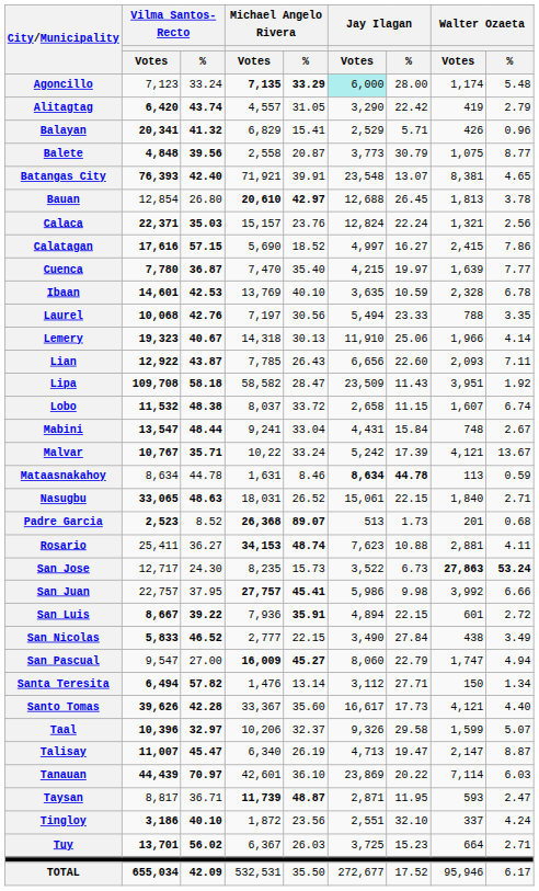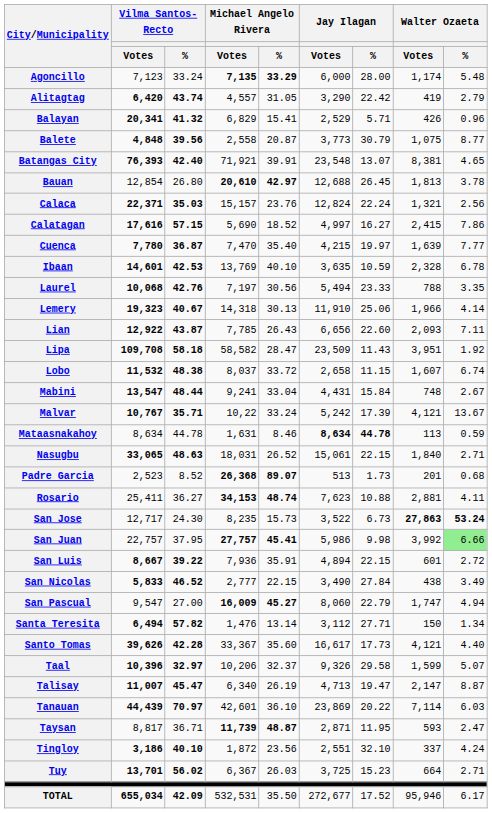 <table class="wikitable collapsible collapsed" style="text-align:right; font-size:95%; line-height:20px;">
 <tr>
 <th width="125" rowspan="3"><a href='#'>City</a>/<a href='#'>Municipality</a></th>
 <th width="110" colspan="2"><a href='#'>Vilma Santos-Recto</a></th>
 <th width="110" colspan="2">Michael Angelo Rivera</th>
 <th width="110" colspan="2">Jay Ilagan</th>
 <th width="110" colspan="2">Walter Ozaeta</th>
 </tr>
 <tr>
 <th colspan="2" style="background:"></th>
 <th colspan="2" style="background:"></th>
 <th colspan="2" style="background:"></th>
 <th colspan="2" style="background:"></th>
 </tr>
 <tr>
 <th>Votes</th>
 <th>%</th>
 <th>Votes</th>
 <th>%</th>
 <th>Votes</th>
 <th>%</th>
 <th>Votes</th>
 <th>%</th>
 </tr>
 <tr>
 <th scope="row"><a href='#'>Agoncillo</a></th>
 <td>7,123</td>
 <td>33.24</td>
 <td style="background:"><strong>7,135</strong></td>
 <td style="background:"><strong>33.29</strong></td>
-<td style="background: paleturquoise;">6,000</td>
+<td>6,000</td>
 <td>28.00</td>
 <td>1,174</td>
 <td>5.48</td>
 </tr>
 <tr>
 <th scope="row"><a href='#'>Alitagtag</a></th>
 <td style="background:"><strong>6,420</strong></td>
 <td style="background:"><strong>43.74</strong></td>
 <td>4,557</td>
 <td>31.05</td>
 <td>3,290</td>
 <td>22.42</td>
 <td>419</td>
 <td>2.79</td>
 </tr>
 <tr>
 <th scope="row"><a href='#'>Balayan</a></th>
 <td style="background:"><strong>20,341</strong></td>
 <td style="background:"><strong>41.32</strong></td>
 <td>6,829</td>
 <td>15.41</td>
 <td>2,529</td>
 <td>5.71</td>
 <td>426</td>
 <td>0.96</td>
 </tr>
 <tr>
 <th scope="row"><a href='#'>Balete</a></th>
 <td style="background:"><strong>4,848</strong></td>
 <td style="background:"><strong>39.56</strong></td>
 <td>2,558</td>
 <td>20.87</td>
 <td>3,773</td>
 <td>30.79</td>
 <td>1,075</td>
 <td>8.77</td>
 </tr>
 <tr>
 <th scope="row"><a href='#'>Batangas City</a></th>
 <td style="background:"><strong>76,393</strong></td>
 <td style="background:"><strong>42.40</strong></td>
 <td>71,921</td>
 <td>39.91</td>
 <td>23,548</td>
 <td>13.07</td>
 <td>8,381</td>
 <td>4.65</td>
 </tr>
 <tr>
 <th scope="row"><a href='#'>Bauan</a></th>
 <td>12,854</td>
 <td>26.80</td>
 <td style="background:"><strong>20,610</strong></td>
 <td style="background:"><strong>42.97</strong></td>
 <td>12,688</td>
 <td>26.45</td>
 <td>1,813</td>
 <td>3.78</td>
 </tr>
 <tr>
 <th scope="row"><a href='#'>Calaca</a></th>
 <td style="background:"><strong>22,371</strong></td>
 <td style="background:"><strong>35.03</strong></td>
 <td>15,157</td>
 <td>23.76</td>
 <td>12,824</td>
 <td>22.24</td>
 <td>1,321</td>
 <td>2.56</td>
 </tr>
 <tr>
 <th scope="row"><a href='#'>Calatagan</a></th>
 <td style="background:"><strong>17,616</strong></td>
 <td style="background:"><strong>57.15</strong></td>
 <td>5,690</td>
 <td>18.52</td>
 <td>4,997</td>
 <td>16.27</td>
 <td>2,415</td>
 <td>7.86</td>
 </tr>
 <tr>
 <th scope="row"><a href='#'>Cuenca</a></th>
 <td style="background:"><strong>7,780</strong></td>
 <td style="background:"><strong>36.87</strong></td>
 <td>7,470</td>
 <td>35.40</td>
 <td>4,215</td>
 <td>19.97</td>
 <td>1,639</td>
 <td>7.77</td>
 </tr>
 <tr>
 <th scope="row"><a href='#'>Ibaan</a></th>
 <td style="background:"><strong>14,601</strong></td>
 <td style="background:"><strong>42.53</strong></td>
 <td>13,769</td>
 <td>40.10</td>
 <td>3,635</td>
 <td>10.59</td>
 <td>2,328</td>
 <td>6.78</td>
 </tr>
 <tr>
 <th scope="row"><a href='#'>Laurel</a></th>
 <td style="background:"><strong>10,068</strong></td>
 <td style="background:"><strong>42.76</strong></td>
 <td>7,197</td>
 <td>30.56</td>
 <td>5,494</td>
 <td>23.33</td>
 <td>788</td>
 <td>3.35</td>
 </tr>
 <tr>
 <th scope="row"><a href='#'>Lemery</a></th>
 <td style="background:"><strong>19,323</strong></td>
 <td style="background:"><strong>40.67</strong></td>
 <td>14,318</td>
 <td>30.13</td>
 <td>11,910</td>
 <td>25.06</td>
 <td>1,966</td>
 <td>4.14</td>
 </tr>
 <tr>
 <th scope="row"><a href='#'>Lian</a></th>
 <td style="background:"><strong>12,922</strong></td>
 <td style="background:"><strong>43.87</strong></td>
 <td>7,785</td>
 <td>26.43</td>
 <td>6,656</td>
 <td>22.60</td>
 <td>2,093</td>
 <td>7.11</td>
 </tr>
 <tr>
 <th scope="row"><a href='#'>Lipa</a></th>
 <td style="background:"><strong>109,708</strong></td>
 <td style="background:"><strong>58.18</strong></td>
 <td>58,582</td>
 <td>28.47</td>
 <td>23,509</td>
 <td>11.43</td>
 <td>3,951</td>
 <td>1.92</td>
 </tr>
 <tr>
 <th scope="row"><a href='#'>Lobo</a></th>
 <td style="background:"><strong>11,532</strong></td>
 <td style="background:"><strong>48.38</strong></td>
 <td>8,037</td>
 <td>33.72</td>
 <td>2,658</td>
 <td>11.15</td>
 <td>1,607</td>
 <td>6.74</td>
 </tr>
 <tr>
 <th scope="row"><a href='#'>Mabini</a></th>
 <td style="background:"><strong>13,547</strong></td>
 <td style="background:"><strong>48.44</strong></td>
 <td>9,241</td>
 <td>33.04</td>
 <td>4,431</td>
 <td>15.84</td>
 <td>748</td>
 <td>2.67</td>
 </tr>
 <tr>
 <th scope="row"><a href='#'>Malvar</a></th>
 <td style="background:"><strong>10,767</strong></td>
 <td style="background:"><strong>35.71</strong></td>
 <td>10,22</td>
 <td>33.24</td>
 <td>5,242</td>
 <td>17.39</td>
 <td>4,121</td>
 <td>13.67</td>
 </tr>
 <tr>
 <th scope="row"><a href='#'>Mataasnakahoy</a></th>
 <td>8,634</td>
 <td>44.78</td>
 <td>1,631</td>
 <td>8.46</td>
 <td style="background:"><strong>8,634</strong></td>
 <td style="background:"><strong>44.78</strong></td>
 <td>113</td>
 <td>0.59</td>
 </tr>
 <tr>
 <th scope="row"><a href='#'>Nasugbu</a></th>
 <td style="background:"><strong>33,065</strong></td>
 <td style="background:"><strong>48.63</strong></td>
 <td>18,031</td>
 <td>26.52</td>
 <td>15,061</td>
 <td>22.15</td>
 <td>1,840</td>
 <td>2.71</td>
 </tr>
 <tr>
 <th scope="row"><a href='#'>Padre Garcia</a></th>
-<td><strong>2,523</strong></td>
+<td>2,523</td>
 <td>8.52</td>
 <td style="background:"><strong>26,368</strong></td>
 <td style="background:"><strong>89.07</strong></td>
 <td>513</td>
 <td>1.73</td>
 <td>201</td>
 <td>0.68</td>
 </tr>
 <tr>
 <th scope="row"><a href='#'>Rosario</a></th>
 <td>25,411</td>
 <td>36.27</td>
 <td style="background:"><strong>34,153</strong></td>
 <td style="background:"><strong>48.74</strong></td>
 <td>7,623</td>
 <td>10.88</td>
 <td>2,881</td>
 <td>4.11</td>
 </tr>
 <tr>
 <th scope="row"><a href='#'>San Jose</a></th>
 <td>12,717</td>
 <td>24.30</td>
 <td>8,235</td>
 <td>15.73</td>
 <td>3,522</td>
 <td>6.73</td>
 <td style="background:"><strong>27,863</strong></td>
 <td style="background:"><strong>53.24</strong></td>
 </tr>
 <tr>
 <th scope="row"><a href='#'>San Juan</a></th>
 <td>22,757</td>
 <td>37.95</td>
 <td style="background:"><strong>27,757</strong></td>
 <td style="background:"><strong>45.41</strong></td>
 <td>5,986</td>
 <td>9.98</td>
 <td>3,992</td>
-<td>6.66</td>
+<td style="background: lightgreen;">6.66</td>
 </tr>
 <tr>
 <th scope="row"><a href='#'>San Luis</a></th>
 <td style="background:"><strong>8,667</strong></td>
 <td style="background:"><strong>39.22</strong></td>
 <td>7,936</td>
-<td><strong>35.91</strong></td>
+<td>35.91</td>
 <td>4,894</td>
 <td>22.15</td>
 <td>601</td>
 <td>2.72</td>
 </tr>
 <tr>
 <th scope="row"><a href='#'>San Nicolas</a></th>
 <td style="background:"><strong>5,833</strong></td>
 <td style="background:"><strong>46.52</strong></td>
 <td>2,777</td>
 <td>22.15</td>
 <td>3,490</td>
 <td>27.84</td>
 <td>438</td>
 <td>3.49</td>
 </tr>
 <tr>
 <th scope="row"><a href='#'>San Pascual</a></th>
 <td>9,547</td>
 <td>27.00</td>
 <td style="background:"><strong>16,009</strong></td>
 <td style="background:"><strong>45.27</strong></td>
 <td>8,060</td>
 <td>22.79</td>
 <td>1,747</td>
 <td>4.94</td>
 </tr>
 <tr>
 <th scope="row"><a href='#'>Santa Teresita</a></th>
 <td style="background:"><strong>6,494</strong></td>
 <td style="background:"><strong>57.82</strong></td>
 <td>1,476</td>
 <td>13.14</td>
 <td>3,112</td>
 <td>27.71</td>
 <td>150</td>
 <td>1.34</td>
 </tr>
 <tr>
 <th scope="row"><a href='#'>Santo Tomas</a></th>
 <td style="background:"><strong>39,626</strong></td>
 <td style="background:"><strong>42.28</strong></td>
 <td>33,367</td>
 <td>35.60</td>
 <td>16,617</td>
 <td>17.73</td>
 <td>4,121</td>
 <td>4.40</td>
 </tr>
 <tr>
 <th scope="row"><a href='#'>Taal</a></th>
 <td style="background:"><strong>10,396</strong></td>
 <td style="background:"><strong>32.97</strong></td>
 <td>10,206</td>
 <td>32.37</td>
 <td>9,326</td>
 <td>29.58</td>
 <td>1,599</td>
 <td>5.07</td>
 </tr>
 <tr>
 <th scope="row"><a href='#'>Talisay</a></th>
 <td style="background:"><strong>11,007</strong></td>
 <td style="background:"><strong>45.47</strong></td>
 <td>6,340</td>
 <td>26.19</td>
 <td>4,713</td>
 <td>19.47</td>
 <td>2,147</td>
 <td>8.87</td>
 </tr>
 <tr>
 <th scope="row"><a href='#'>Tanauan</a></th>
 <td style="background:"><strong>44,439</strong></td>
 <td style="background:"><strong>70.97</strong></td>
 <td>42,601</td>
 <td>36.10</td>
 <td>23,869</td>
 <td>20.22</td>
 <td>7,114</td>
 <td>6.03</td>
 </tr>
 <tr>
 <th scope="row"><a href='#'>Taysan</a></th>
 <td>8,817</td>
 <td>36.71</td>
 <td style="background:"><strong>11,739</strong></td>
 <td style="background:"><strong>48.87</strong></td>
 <td>2,871</td>
 <td>11.95</td>
 <td>593</td>
 <td>2.47</td>
 </tr>
 <tr>
 <th scope="row"><a href='#'>Tingloy</a></th>
 <td style="background:"><strong>3,186</strong></td>
 <td style="background:"><strong>40.10</strong></td>
 <td>1,872</td>
 <td>23.56</td>
 <td>2,551</td>
 <td>32.10</td>
 <td>337</td>
 <td>4.24</td>
 </tr>
 <tr>
 <th scope="row"><a href='#'>Tuy</a></th>
 <td style="background:"><strong>13,701</strong></td>
 <td style="background:"><strong>56.02</strong></td>
 <td>6,367</td>
 <td>26.03</td>
 <td>3,725</td>
 <td>15.23</td>
 <td>664</td>
 <td>2.71</td>
 </tr>
 <tr>
 <td colspan=9 bgcolor=black></td>
 </tr>
 <tr>
 <th scope="row">TOTAL</th>
 <td style="background:"><strong>655,034</strong></td>
 <td style="background:"><strong>42.09</strong></td>
 <td>532,531</td>
 <td>35.50</td>
 <td>272,677</td>
 <td>17.52</td>
 <td>95,946</td>
 <td>6.17</td>
 </tr>
 </table>
